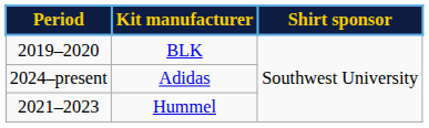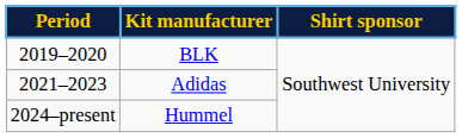 <table class="wikitable" style="text-align: center">
 <tr>
 <th style="background:#0D1D41; color:#F8CC00; border:2px solid #5FAFE4;" !scope=col>Period</th>
 <th style="background:#0D1D41; color:#F8CC00; border:2px solid #5FAFE4;" !scope=col>Kit manufacturer</th>
 <th style="background:#0D1D41; color:#F8CC00; border:2px solid #5FAFE4;" !scope=col>Shirt sponsor</th>
 </tr>
 <tr>
 <td>2019–2020</td>
 <td><a href='#'>BLK</a></td>
 <td rowspan="3">Southwest University</td>
 </tr>
 <tr>
-<td>2024–present</td>
+<td>2021–2023</td>
 <td><a href='#'>Adidas</a></td>
 </tr>
 <tr>
-<td>2021–2023</td>
+<td>2024–present</td>
 <td><a href='#'>Hummel</a></td>
 </tr>
 </table>
